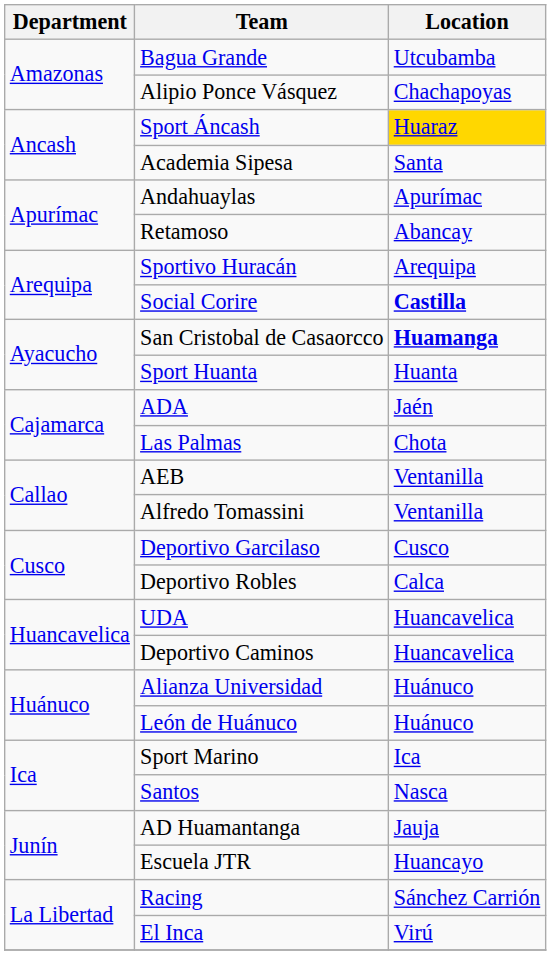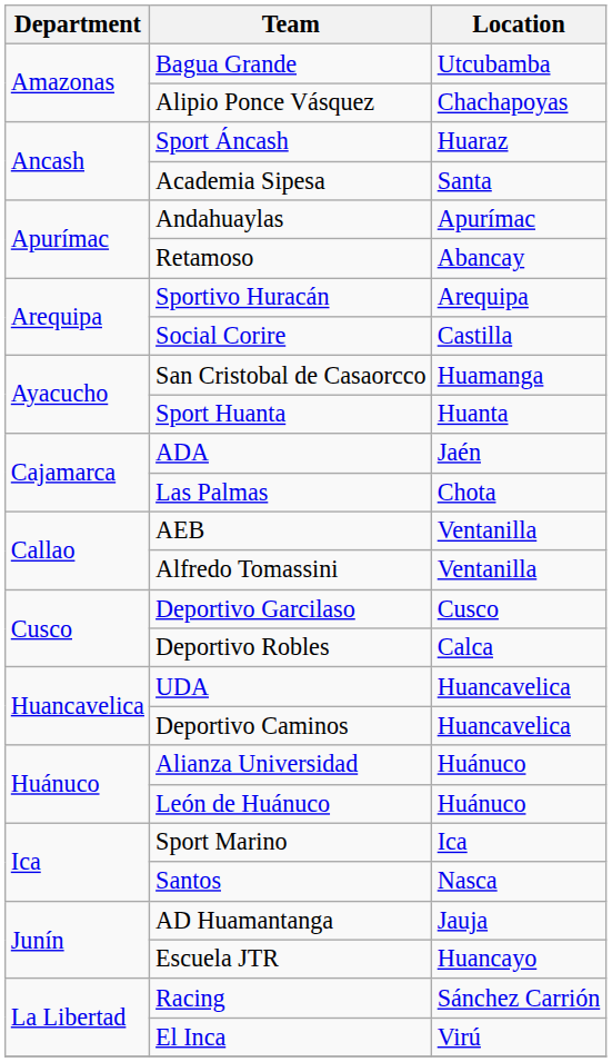 <table class="wikitable">
 <tr>
 <th>Department</th>
 <th>Team</th>
 <th>Location</th>
 </tr>
 <tr>
 <td rowspan="2"><a href='#'>Amazonas</a></td>
 <td><a href='#'>Bagua Grande</a></td>
 <td><a href='#'>Utcubamba</a></td>
 </tr>
 <tr>
 <td>Alipio Ponce Vásquez</td>
 <td><a href='#'>Chachapoyas</a></td>
 </tr>
 <tr>
 <td rowspan="2"><a href='#'>Ancash</a></td>
 <td><a href='#'>Sport Áncash</a></td>
-<td style="background: gold;"><a href='#'>Huaraz</a></td>
+<td><a href='#'>Huaraz</a></td>
 </tr>
 <tr>
 <td>Academia Sipesa</td>
 <td><a href='#'>Santa</a></td>
 </tr>
 <tr>
 <td rowspan="2"><a href='#'>Apurímac</a></td>
 <td>Andahuaylas</td>
 <td><a href='#'>Apurímac</a></td>
 </tr>
 <tr>
 <td>Retamoso</td>
 <td><a href='#'>Abancay</a></td>
 </tr>
 <tr>
 <td rowspan="2"><a href='#'>Arequipa</a></td>
 <td><a href='#'>Sportivo Huracán</a></td>
 <td><a href='#'>Arequipa</a></td>
 </tr>
 <tr>
 <td><a href='#'>Social Corire</a></td>
-<td><strong><a href='#'>Castilla</a></strong></td>
+<td><a href='#'>Castilla</a></td>
 </tr>
 <tr>
 <td rowspan="2"><a href='#'>Ayacucho</a></td>
 <td>San Cristobal de Casaorcco</td>
-<td><strong><a href='#'>Huamanga</a></strong></td>
+<td><a href='#'>Huamanga</a></td>
 </tr>
 <tr>
 <td><a href='#'>Sport Huanta</a></td>
 <td><a href='#'>Huanta</a></td>
 </tr>
 <tr>
 <td rowspan="2"><a href='#'>Cajamarca</a></td>
 <td><a href='#'>ADA</a></td>
 <td><a href='#'>Jaén</a></td>
 </tr>
 <tr>
 <td><a href='#'>Las Palmas</a></td>
 <td><a href='#'>Chota</a></td>
 </tr>
 <tr>
 <td rowspan="2"><a href='#'>Callao</a></td>
 <td>AEB</td>
 <td><a href='#'>Ventanilla</a></td>
 </tr>
 <tr>
 <td>Alfredo Tomassini</td>
 <td><a href='#'>Ventanilla</a></td>
 </tr>
 <tr>
 <td rowspan="2"><a href='#'>Cusco</a></td>
 <td><a href='#'>Deportivo Garcilaso</a></td>
 <td><a href='#'>Cusco</a></td>
 </tr>
 <tr>
 <td>Deportivo Robles</td>
 <td><a href='#'>Calca</a></td>
 </tr>
 <tr>
 <td rowspan="2"><a href='#'>Huancavelica</a></td>
 <td><a href='#'>UDA</a></td>
 <td><a href='#'>Huancavelica</a></td>
 </tr>
 <tr>
 <td>Deportivo Caminos</td>
 <td><a href='#'>Huancavelica</a></td>
 </tr>
 <tr>
 <td rowspan="2"><a href='#'>Huánuco</a></td>
 <td><a href='#'>Alianza Universidad</a></td>
 <td><a href='#'>Huánuco</a></td>
 </tr>
 <tr>
 <td><a href='#'>León de Huánuco</a></td>
 <td><a href='#'>Huánuco</a></td>
 </tr>
 <tr>
 <td rowspan="2"><a href='#'>Ica</a></td>
 <td>Sport Marino</td>
 <td><a href='#'>Ica</a></td>
 </tr>
 <tr>
 <td><a href='#'>Santos</a></td>
 <td><a href='#'>Nasca</a></td>
 </tr>
 <tr>
 <td rowspan="2"><a href='#'>Junín</a></td>
 <td>AD Huamantanga</td>
 <td><a href='#'>Jauja</a></td>
 </tr>
 <tr>
 <td>Escuela JTR</td>
 <td><a href='#'>Huancayo</a></td>
 </tr>
 <tr>
 <td rowspan="2"><a href='#'>La Libertad</a></td>
 <td><a href='#'>Racing</a></td>
 <td><a href='#'>Sánchez Carrión</a></td>
 </tr>
 <tr>
 <td><a href='#'>El Inca</a></td>
 <td><a href='#'>Virú</a></td>
 </tr>
 <tr>
 </tr>
 </table>
